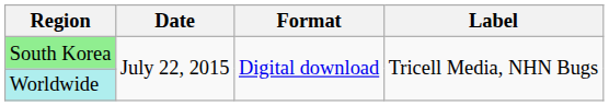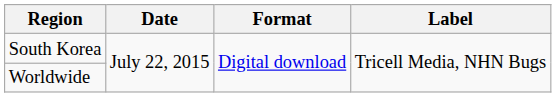 <table class="wikitable">
 <tr>
 <th>Region</th>
 <th>Date</th>
 <th>Format</th>
 <th>Label</th>
 </tr>
 <tr>
-<td style="background: lightgreen;">South Korea</td>
+<td>South Korea</td>
 <td rowspan="2">July 22, 2015</td>
 <td rowspan="2"><a href='#'>Digital download</a></td>
 <td rowspan="2">Tricell Media, NHN Bugs</td>
 </tr>
 <tr>
-<td style="background: paleturquoise;">Worldwide</td>
+<td>Worldwide</td>
 </tr>
 </table>
